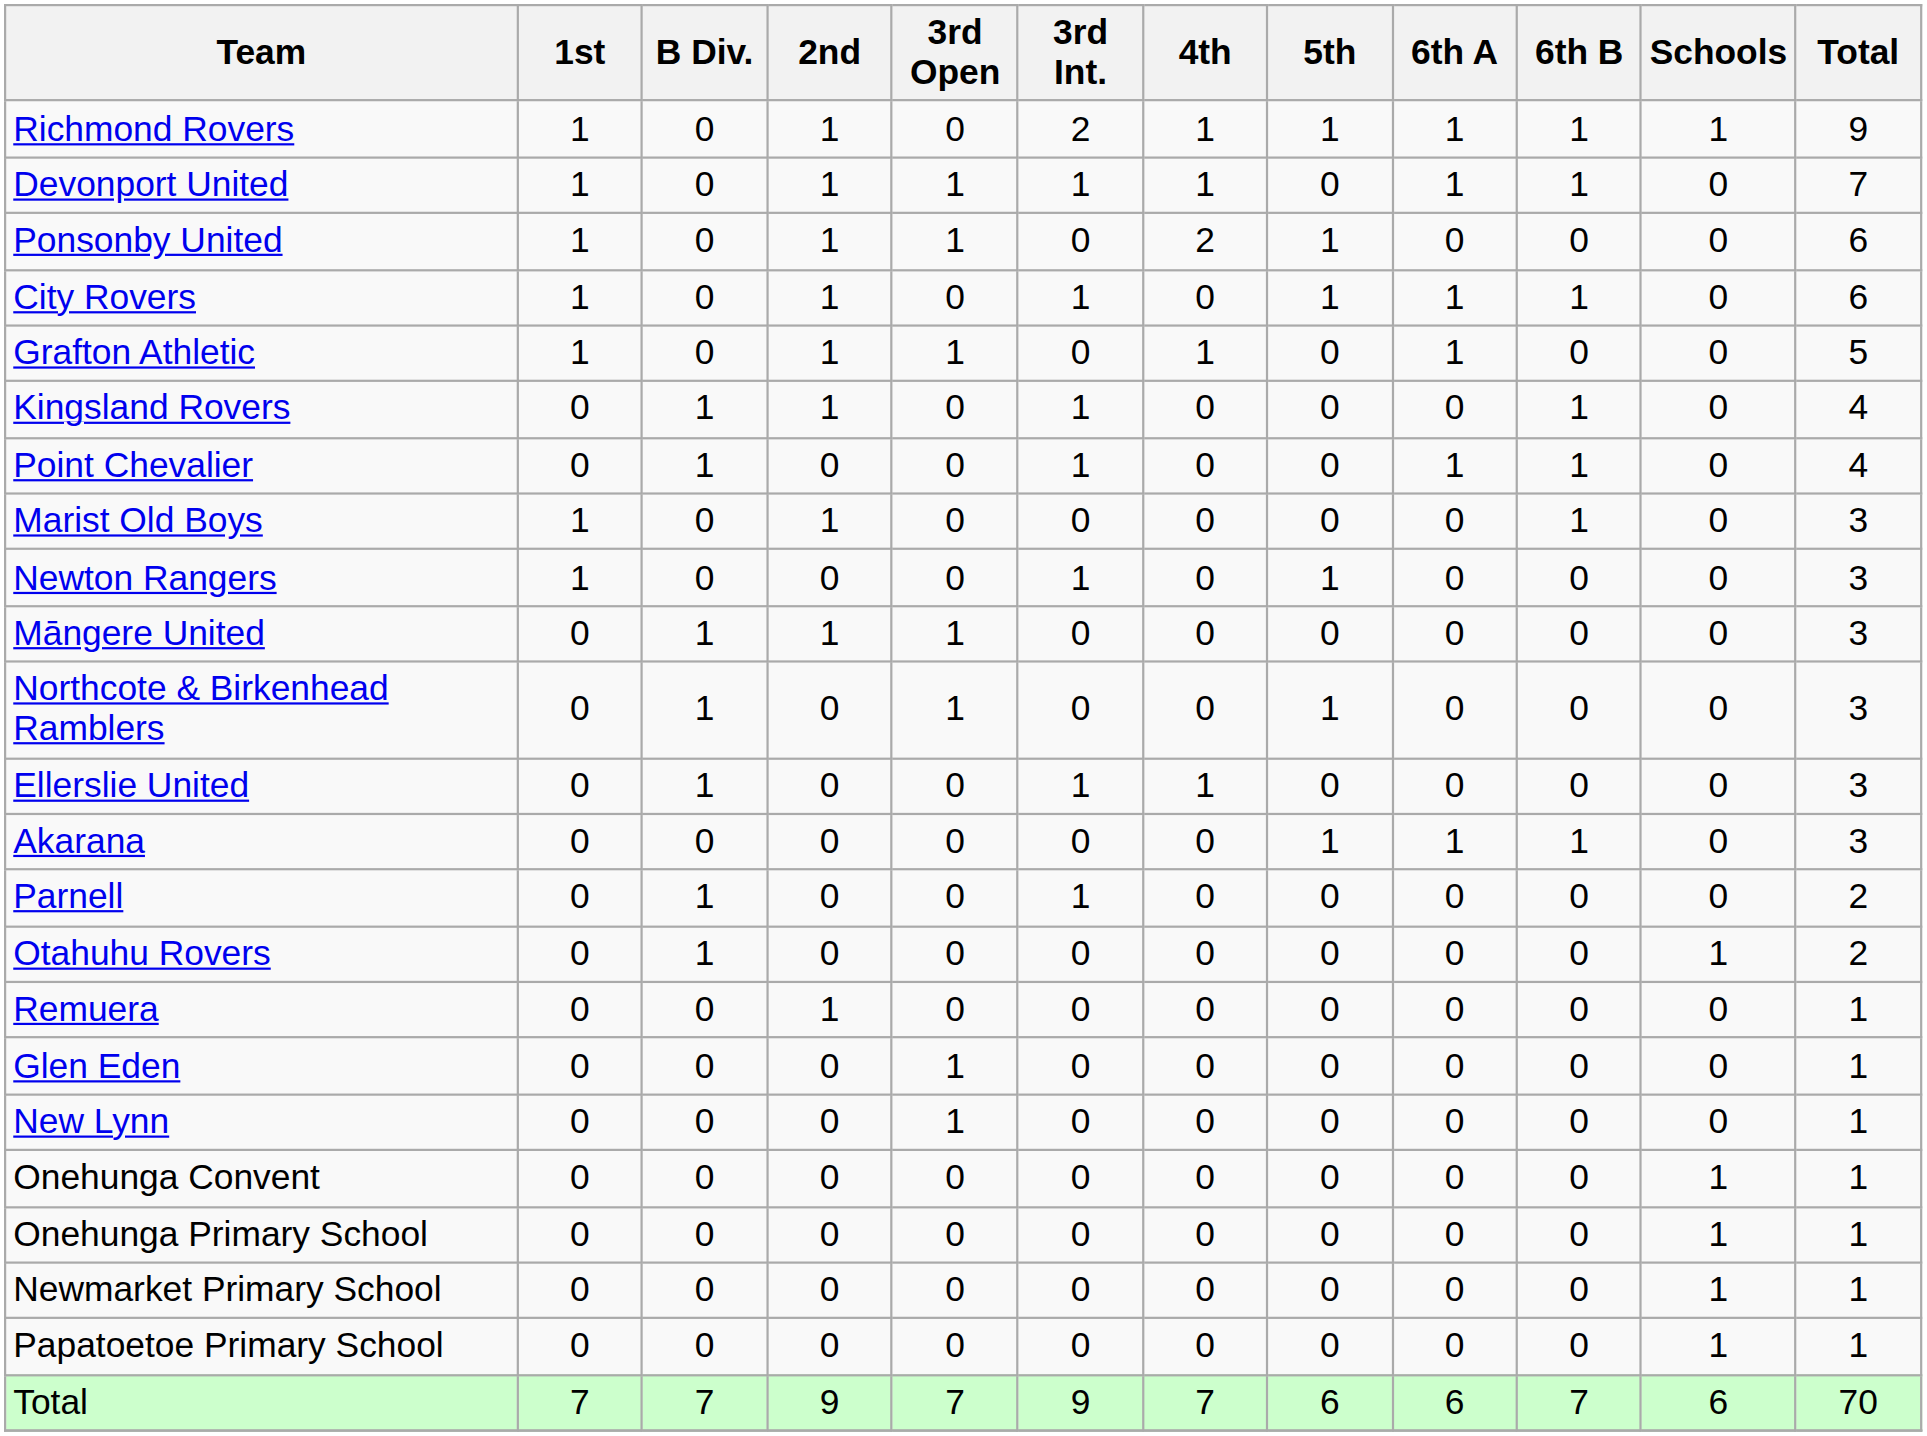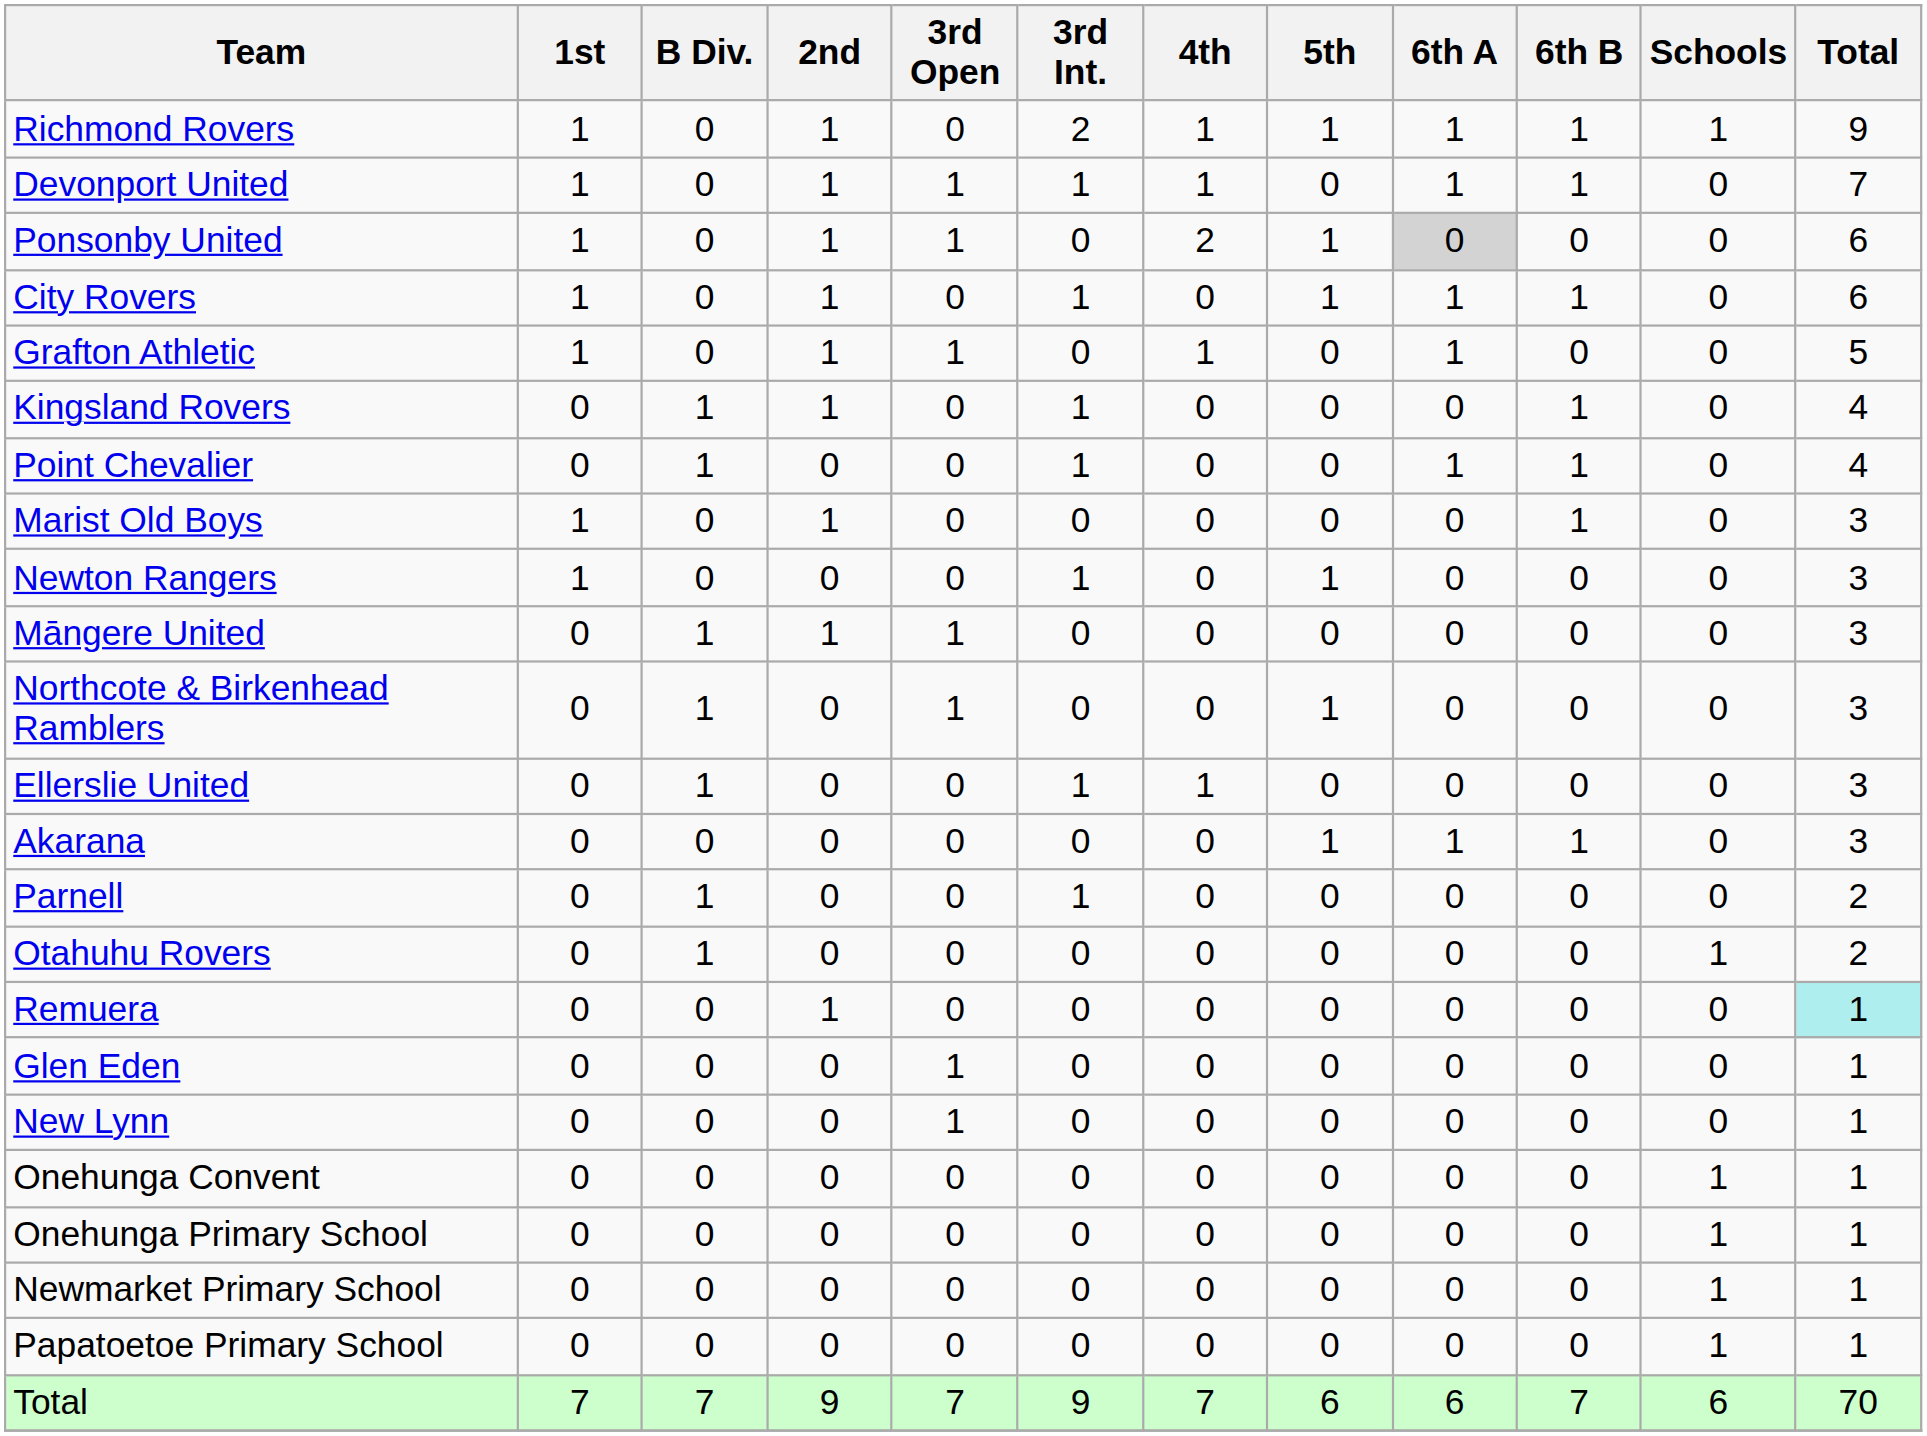 <table class="wikitable" style="text-align:center;">
 <tr>
 <th width=230>Team</th>
 <th width=50 abbr="1st Grade">1st</th>
 <th width=50 abbr="B Grade">B Div.</th>
 <th width=50 abbr="2nd Grade">2nd</th>
 <th width=50 abbr="3rd Grade">3rd Open</th>
 <th width=50 abbr="3rd Grade">3rd Int.</th>
 <th width=50 abbr="4th Grade">4th</th>
 <th width=50 abbr="5th Grade">5th</th>
 <th width=50 abbr="6th Grade">6th A</th>
 <th width=50 abbr="6th Grade">6th B</th>
 <th width=50 abbr="Schoolboys">Schools</th>
 <th width=50 abbr="Total">Total</th>
 </tr>
 <tr>
 <td style="text-align:left;"><a href='#'>Richmond Rovers</a></td>
 <td>1</td>
 <td>0</td>
 <td>1</td>
 <td>0</td>
 <td>2</td>
 <td>1</td>
 <td>1</td>
 <td>1</td>
 <td>1</td>
 <td>1</td>
 <td>9</td>
 </tr>
 <tr>
 <td style="text-align:left;"><a href='#'>Devonport United</a></td>
 <td>1</td>
 <td>0</td>
 <td>1</td>
 <td>1</td>
 <td>1</td>
 <td>1</td>
 <td>0</td>
 <td>1</td>
 <td>1</td>
 <td>0</td>
 <td>7</td>
 </tr>
 <tr>
 <td style="text-align:left;"><a href='#'>Ponsonby United</a></td>
 <td>1</td>
 <td>0</td>
 <td>1</td>
 <td>1</td>
 <td>0</td>
 <td>2</td>
 <td>1</td>
-<td>0</td>
+<td style="background: lightgrey;">0</td>
 <td>0</td>
 <td>0</td>
 <td>6</td>
 </tr>
 <tr>
 <td style="text-align:left;"><a href='#'>City Rovers</a></td>
 <td>1</td>
 <td>0</td>
 <td>1</td>
 <td>0</td>
 <td>1</td>
 <td>0</td>
 <td>1</td>
 <td>1</td>
 <td>1</td>
 <td>0</td>
 <td>6</td>
 </tr>
 <tr>
 <td style="text-align:left;"><a href='#'>Grafton Athletic</a></td>
 <td>1</td>
 <td>0</td>
 <td>1</td>
 <td>1</td>
 <td>0</td>
 <td>1</td>
 <td>0</td>
 <td>1</td>
 <td>0</td>
 <td>0</td>
 <td>5</td>
 </tr>
 <tr>
 <td style="text-align:left;"><a href='#'>Kingsland Rovers</a></td>
 <td>0</td>
 <td>1</td>
 <td>1</td>
 <td>0</td>
 <td>1</td>
 <td>0</td>
 <td>0</td>
 <td>0</td>
 <td>1</td>
 <td>0</td>
 <td>4</td>
 </tr>
 <tr>
 <td style="text-align:left;"><a href='#'>Point Chevalier</a></td>
 <td>0</td>
 <td>1</td>
 <td>0</td>
 <td>0</td>
 <td>1</td>
 <td>0</td>
 <td>0</td>
 <td>1</td>
 <td>1</td>
 <td>0</td>
 <td>4</td>
 </tr>
 <tr>
 <td style="text-align:left;"><a href='#'>Marist Old Boys</a></td>
 <td>1</td>
 <td>0</td>
 <td>1</td>
 <td>0</td>
 <td>0</td>
 <td>0</td>
 <td>0</td>
 <td>0</td>
 <td>1</td>
 <td>0</td>
 <td>3</td>
 </tr>
 <tr>
 <td style="text-align:left;"><a href='#'>Newton Rangers</a></td>
 <td>1</td>
 <td>0</td>
 <td>0</td>
 <td>0</td>
 <td>1</td>
 <td>0</td>
 <td>1</td>
 <td>0</td>
 <td>0</td>
 <td>0</td>
 <td>3</td>
 </tr>
 <tr>
 <td style="text-align:left;"><a href='#'>Māngere United</a></td>
 <td>0</td>
 <td>1</td>
 <td>1</td>
 <td>1</td>
 <td>0</td>
 <td>0</td>
 <td>0</td>
 <td>0</td>
 <td>0</td>
 <td>0</td>
 <td>3</td>
 </tr>
 <tr>
 <td style="text-align:left;"><a href='#'>Northcote & Birkenhead Ramblers</a></td>
 <td>0</td>
 <td>1</td>
 <td>0</td>
 <td>1</td>
 <td>0</td>
 <td>0</td>
 <td>1</td>
 <td>0</td>
 <td>0</td>
 <td>0</td>
 <td>3</td>
 </tr>
 <tr>
 <td style="text-align:left;"><a href='#'>Ellerslie United</a></td>
 <td>0</td>
 <td>1</td>
 <td>0</td>
 <td>0</td>
 <td>1</td>
 <td>1</td>
 <td>0</td>
 <td>0</td>
 <td>0</td>
 <td>0</td>
 <td>3</td>
 </tr>
 <tr>
 <td style="text-align:left;"><a href='#'>Akarana</a></td>
 <td>0</td>
 <td>0</td>
 <td>0</td>
 <td>0</td>
 <td>0</td>
 <td>0</td>
 <td>1</td>
 <td>1</td>
 <td>1</td>
 <td>0</td>
 <td>3</td>
 </tr>
 <tr>
 <td style="text-align:left;"><a href='#'>Parnell</a></td>
 <td>0</td>
 <td>1</td>
 <td>0</td>
 <td>0</td>
 <td>1</td>
 <td>0</td>
 <td>0</td>
 <td>0</td>
 <td>0</td>
 <td>0</td>
 <td>2</td>
 </tr>
 <tr>
 <td style="text-align:left;"><a href='#'>Otahuhu Rovers</a></td>
 <td>0</td>
 <td>1</td>
 <td>0</td>
 <td>0</td>
 <td>0</td>
 <td>0</td>
 <td>0</td>
 <td>0</td>
 <td>0</td>
 <td>1</td>
 <td>2</td>
 </tr>
 <tr>
 <td style="text-align:left;"><a href='#'>Remuera</a></td>
 <td>0</td>
 <td>0</td>
 <td>1</td>
 <td>0</td>
 <td>0</td>
 <td>0</td>
 <td>0</td>
 <td>0</td>
 <td>0</td>
 <td>0</td>
-<td>1</td>
+<td style="background: paleturquoise;">1</td>
 </tr>
 <tr>
 <td style="text-align:left;"><a href='#'>Glen Eden</a></td>
 <td>0</td>
 <td>0</td>
 <td>0</td>
 <td>1</td>
 <td>0</td>
 <td>0</td>
 <td>0</td>
 <td>0</td>
 <td>0</td>
 <td>0</td>
 <td>1</td>
 </tr>
 <tr>
 <td style="text-align:left;"><a href='#'>New Lynn</a></td>
 <td>0</td>
 <td>0</td>
 <td>0</td>
 <td>1</td>
 <td>0</td>
 <td>0</td>
 <td>0</td>
 <td>0</td>
 <td>0</td>
 <td>0</td>
 <td>1</td>
 </tr>
 <tr>
 <td style="text-align:left;">Onehunga Convent</td>
 <td>0</td>
 <td>0</td>
 <td>0</td>
 <td>0</td>
 <td>0</td>
 <td>0</td>
 <td>0</td>
 <td>0</td>
 <td>0</td>
 <td>1</td>
 <td>1</td>
 </tr>
 <tr>
 <td style="text-align:left;">Onehunga Primary School</td>
 <td>0</td>
 <td>0</td>
 <td>0</td>
 <td>0</td>
 <td>0</td>
 <td>0</td>
 <td>0</td>
 <td>0</td>
 <td>0</td>
 <td>1</td>
 <td>1</td>
 </tr>
 <tr>
 <td style="text-align:left;">Newmarket Primary School</td>
 <td>0</td>
 <td>0</td>
 <td>0</td>
 <td>0</td>
 <td>0</td>
 <td>0</td>
 <td>0</td>
 <td>0</td>
 <td>0</td>
 <td>1</td>
 <td>1</td>
 </tr>
 <tr>
 <td style="text-align:left;">Papatoetoe Primary School</td>
 <td>0</td>
 <td>0</td>
 <td>0</td>
 <td>0</td>
 <td>0</td>
 <td>0</td>
 <td>0</td>
 <td>0</td>
 <td>0</td>
 <td>1</td>
 <td>1</td>
 </tr>
 <tr style="background: #ccffcc;">
 <td style="text-align:left;">Total</td>
 <td>7</td>
 <td>7</td>
 <td>9</td>
 <td>7</td>
 <td>9</td>
 <td>7</td>
 <td>6</td>
 <td>6</td>
 <td>7</td>
 <td>6</td>
 <td>70</td>
 </tr>
 <tr>
 </tr>
 </table>
